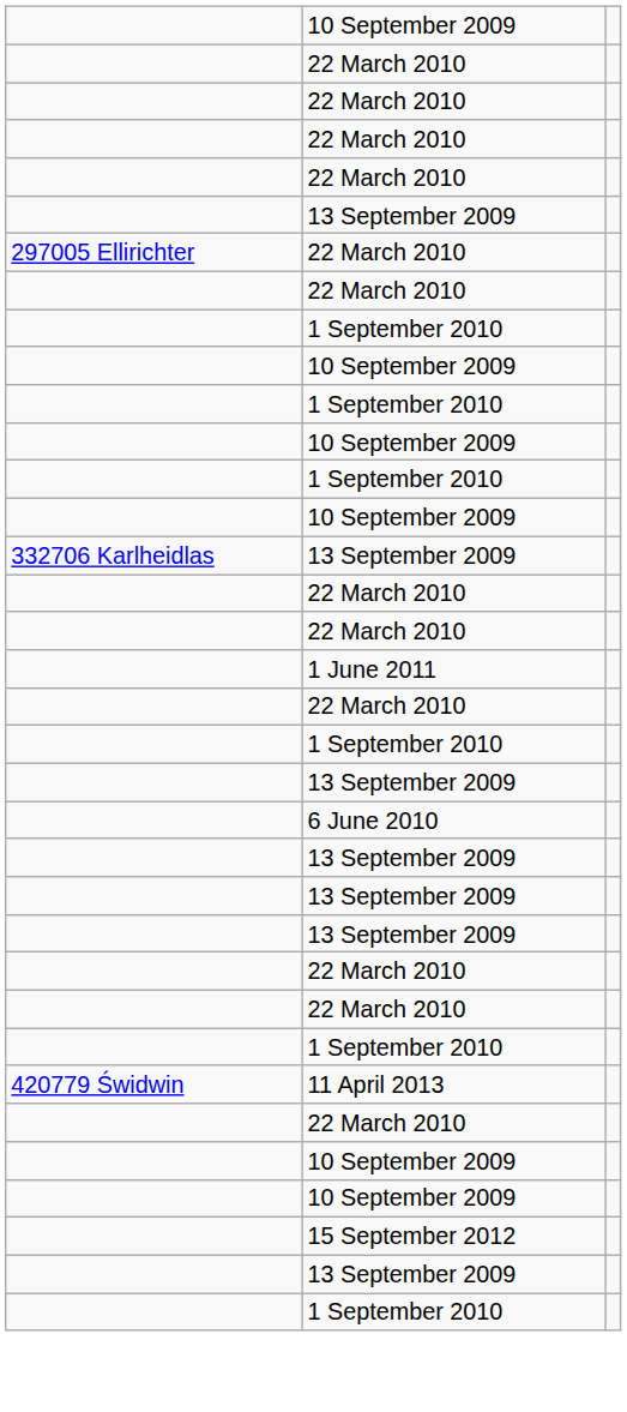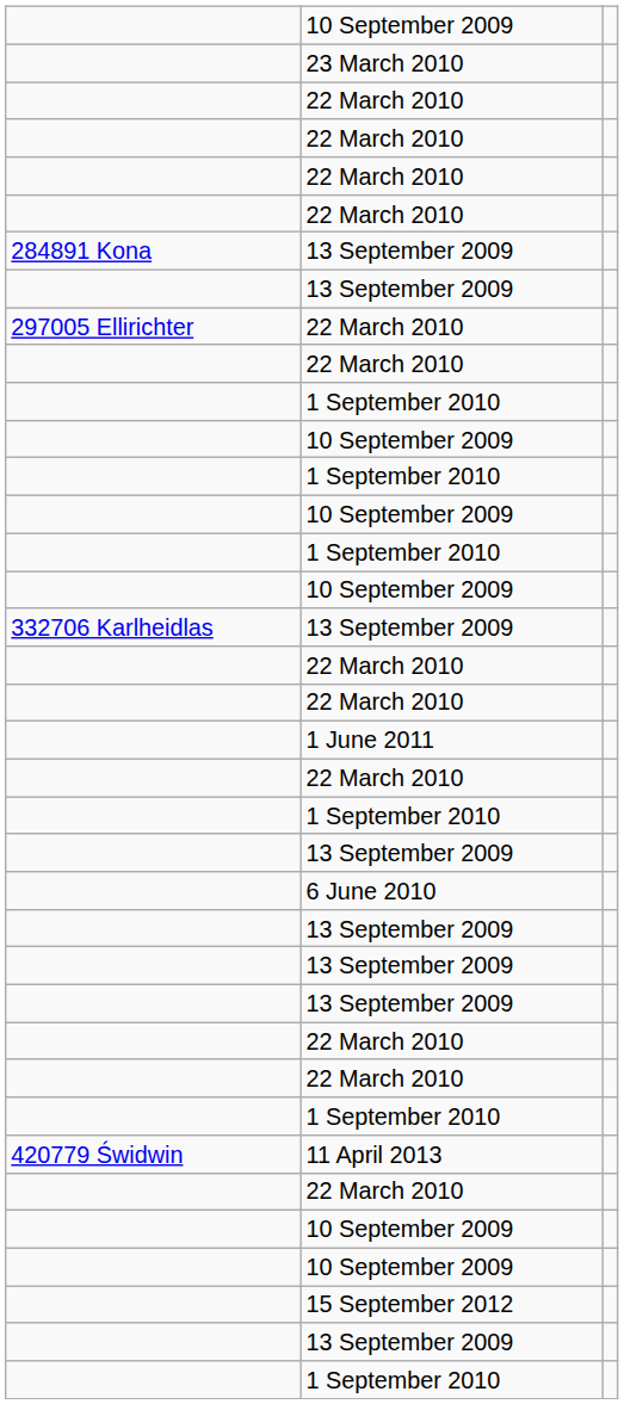 <table class="wikitable" style="font-size: 89%; float: left; width: 26em; margin-right: 1em; height: 420px;">
 <tr>
 <td></td>
 <td>10 September 2009</td>
+<td></td>
+</tr>
+<tr>
+<td></td>
+<td>23 March 2010</td>
 <td></td>
 </tr>
 <tr>
 <td></td>
 <td>22 March 2010</td>
 <td></td>
 </tr>
 <tr>
 <td></td>
 <td>22 March 2010</td>
 <td></td>
 </tr>
 <tr>
 <td></td>
 <td>22 March 2010</td>
 <td></td>
 </tr>
 <tr>
 <td></td>
 <td>22 March 2010</td>
+<td></td>
+</tr>
+<tr>
+<td><a href='#'>284891 Kona</a></td>
+<td>13 September 2009</td>
 <td></td>
 </tr>
 <tr>
 <td></td>
 <td>13 September 2009</td>
 <td></td>
 </tr>
 <tr>
 <td><a href='#'>297005 Ellirichter</a></td>
 <td>22 March 2010</td>
 <td></td>
 </tr>
 <tr>
 <td></td>
 <td>22 March 2010</td>
 <td></td>
 </tr>
 <tr>
 <td></td>
 <td>1 September 2010</td>
 <td></td>
 </tr>
 <tr>
 <td></td>
 <td>10 September 2009</td>
 <td></td>
 </tr>
 <tr>
 <td></td>
 <td>1 September 2010</td>
 <td></td>
 </tr>
 <tr>
 <td></td>
 <td>10 September 2009</td>
 <td></td>
 </tr>
 <tr>
 <td></td>
 <td>1 September 2010</td>
 <td></td>
 </tr>
 <tr>
 <td></td>
 <td>10 September 2009</td>
 <td></td>
 </tr>
 <tr>
 <td><a href='#'>332706 Karlheidlas</a></td>
 <td>13 September 2009</td>
 <td></td>
 </tr>
 <tr>
 <td></td>
 <td>22 March 2010</td>
 <td></td>
 </tr>
 <tr>
 <td></td>
 <td>22 March 2010</td>
 <td></td>
 </tr>
 <tr>
 <td></td>
 <td>1 June 2011</td>
 <td></td>
 </tr>
 <tr>
 <td></td>
 <td>22 March 2010</td>
 <td></td>
 </tr>
 <tr>
 <td></td>
 <td>1 September 2010</td>
 <td></td>
 </tr>
 <tr>
 <td></td>
 <td>13 September 2009</td>
 <td></td>
 </tr>
 <tr>
 <td></td>
 <td>6 June 2010</td>
 <td></td>
 </tr>
 <tr>
 <td></td>
 <td>13 September 2009</td>
 <td></td>
 </tr>
 <tr>
 <td></td>
 <td>13 September 2009</td>
 <td></td>
 </tr>
 <tr>
 <td></td>
 <td>13 September 2009</td>
 <td></td>
 </tr>
 <tr>
 <td></td>
 <td>22 March 2010</td>
 <td></td>
 </tr>
 <tr>
 <td></td>
 <td>22 March 2010</td>
 <td></td>
 </tr>
 <tr>
 <td></td>
 <td>1 September 2010</td>
 <td></td>
 </tr>
 <tr>
 <td><a href='#'>420779 Świdwin</a></td>
 <td>11 April 2013</td>
 <td></td>
 </tr>
 <tr>
 <td></td>
 <td>22 March 2010</td>
 <td></td>
 </tr>
 <tr>
 <td></td>
 <td>10 September 2009</td>
 <td></td>
 </tr>
 <tr>
 <td></td>
 <td>10 September 2009</td>
 <td></td>
 </tr>
 <tr>
 <td></td>
 <td>15 September 2012</td>
 <td></td>
 </tr>
 <tr>
 <td></td>
 <td>13 September 2009</td>
 <td></td>
 </tr>
 <tr>
 <td></td>
 <td>1 September 2010</td>
 <td></td>
 </tr>
 </table>
